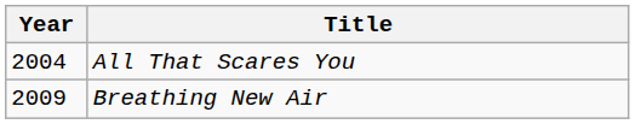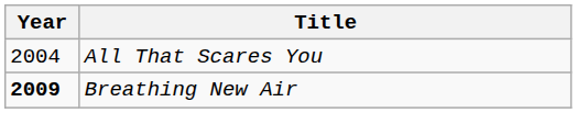 <table class="wikitable">
 <tr>
 <th width="40">Year</th>
 <th width="300">Title</th>
 </tr>
 <tr>
 <td>2004</td>
 <td><em>All That Scares You</em></td>
 </tr>
 <tr>
-<td>2009</td>
+<td><strong>2009</strong></td>
 <td><em>Breathing New Air</em></td>
 </tr>
 </table>
